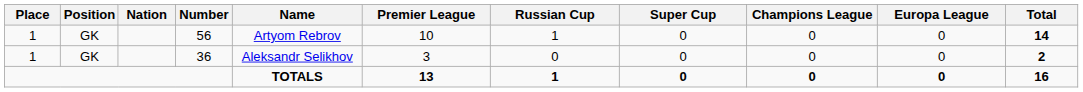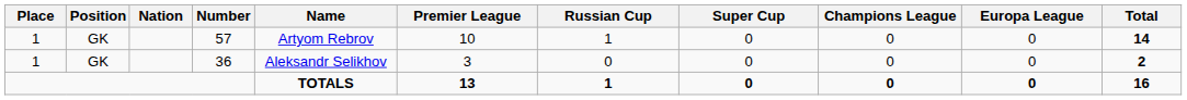 <table class="wikitable" style="font-size: 95%; text-align: center;">
 <tr>
 <th width=60>Place</th>
 <th width=60>Position</th>
 <th width=60>Nation</th>
 <th width=60>Number</th>
 <th width=150>Name</th>
 <th width=150>Premier League</th>
 <th width=150>Russian Cup</th>
 <th width=150>Super Cup</th>
 <th width=150>Champions League</th>
 <th width=150>Europa League</th>
 <th width=80>Total</th>
 </tr>
 <tr>
 <td>1</td>
 <td>GK</td>
 <td></td>
-<td>56</td>
+<td>57</td>
 <td><a href='#'>Artyom Rebrov</a></td>
 <td>10</td>
 <td>1</td>
 <td>0</td>
 <td>0</td>
 <td>0</td>
 <td><strong>14</strong></td>
 </tr>
 <tr>
 <td>1</td>
 <td>GK</td>
 <td></td>
 <td>36</td>
 <td><a href='#'>Aleksandr Selikhov</a></td>
 <td>3</td>
 <td>0</td>
 <td>0</td>
 <td>0</td>
 <td>0</td>
 <td><strong>2</strong></td>
 </tr>
 <tr>
 <td colspan="4"></td>
 <td><strong>TOTALS</strong></td>
 <td><strong>13</strong></td>
 <td><strong>1</strong></td>
 <td><strong>0</strong></td>
 <td><strong>0</strong></td>
 <td><strong>0</strong></td>
 <td><strong>16</strong></td>
 </tr>
 </table>
